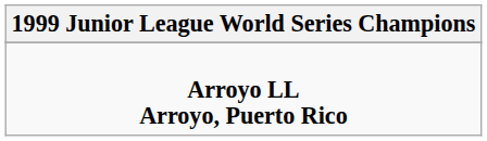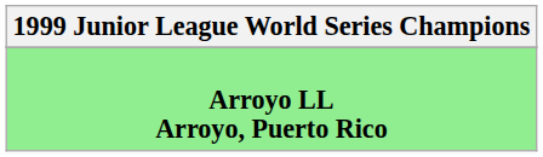 <table class="wikitable" style="text-align: center; margin: 0 auto;">
 <tr>
 <th>1999 Junior League World Series Champions</th>
 </tr>
 <tr>
 </tr>
 <tr>
-<td><br><strong>Arroyo LL</strong><br><strong>Arroyo, Puerto Rico</strong></td>
+<td style="background: lightgreen;"><br><strong>Arroyo LL</strong><br><strong>Arroyo, Puerto Rico</strong></td>
 </tr>
 </table>
